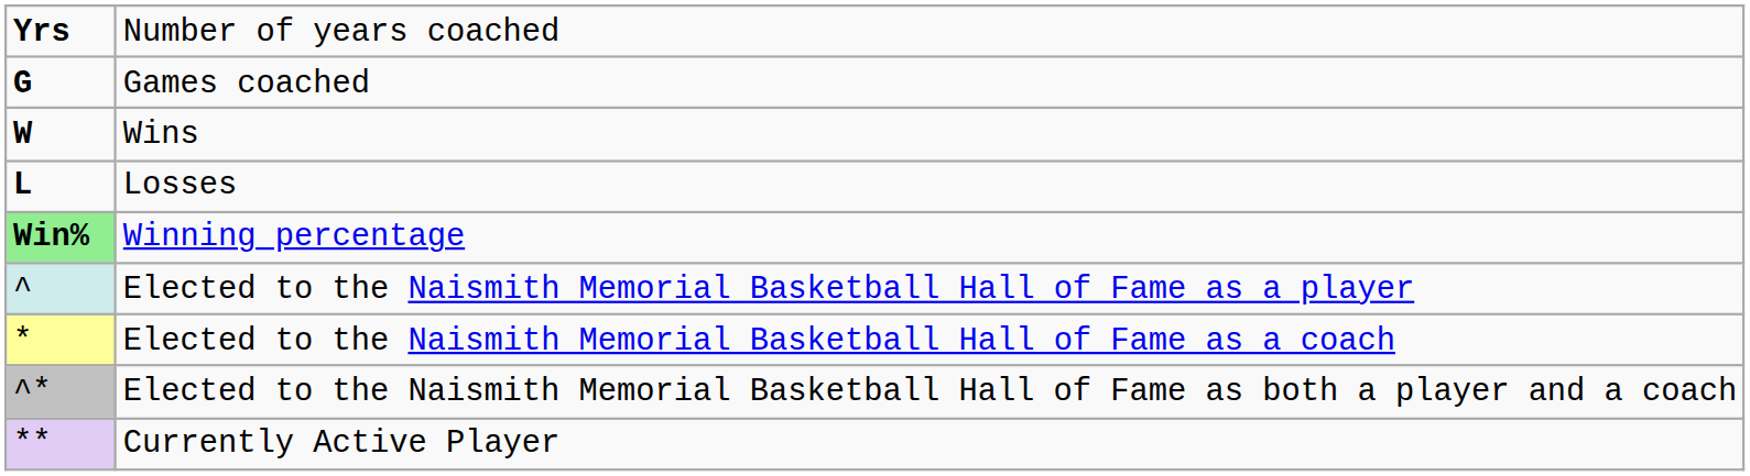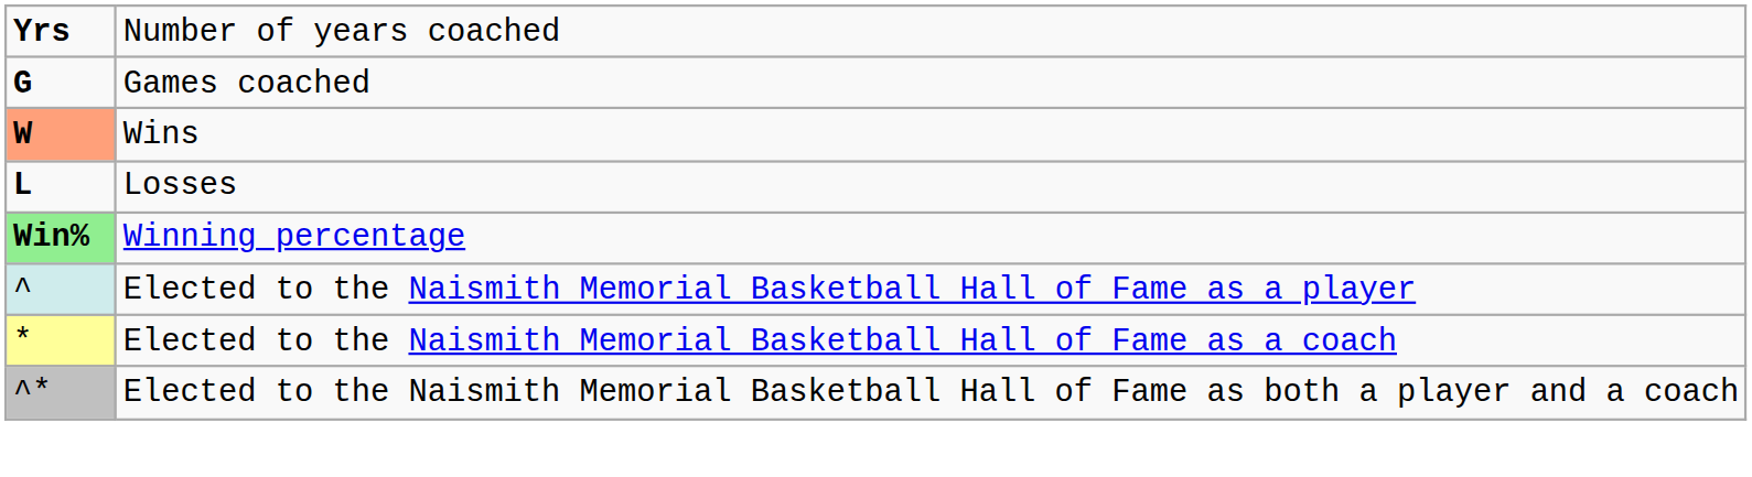 <table class="wikitable">
 <tr>
 <td><strong>Yrs</strong></td>
 <td>Number of years coached</td>
 </tr>
 <tr>
 <td><strong>G</strong></td>
 <td>Games coached</td>
 </tr>
 <tr>
-<td><strong>W</strong></td>
+<td style="background: lightsalmon;"><strong>W</strong></td>
 <td>Wins</td>
 </tr>
 <tr>
 <td><strong>L</strong></td>
 <td>Losses</td>
 </tr>
 <tr>
 <td style="background: lightgreen;"><strong>Win%</strong></td>
 <td><a href='#'>Winning percentage</a></td>
 </tr>
 <tr>
 <td style="background-color:#CFECEC; width:3em">^</td>
 <td>Elected to the <a href='#'>Naismith Memorial Basketball Hall of Fame as a player</a></td>
 </tr>
 <tr>
 <td style="background-color:#FFFF99; width:3em">*</td>
 <td>Elected to the <a href='#'>Naismith Memorial Basketball Hall of Fame as a coach</a></td>
 </tr>
 <tr>
 <td style="background-color:silver; width:3em">^*</td>
 <td>Elected to the Naismith Memorial Basketball Hall of Fame as both a player and a coach</td>
 </tr>
-<tr>
-<td style="background-color:#E0CCF4; width:3em">**</td>
-<td>Currently Active Player</td>
-</tr>
 </table>
